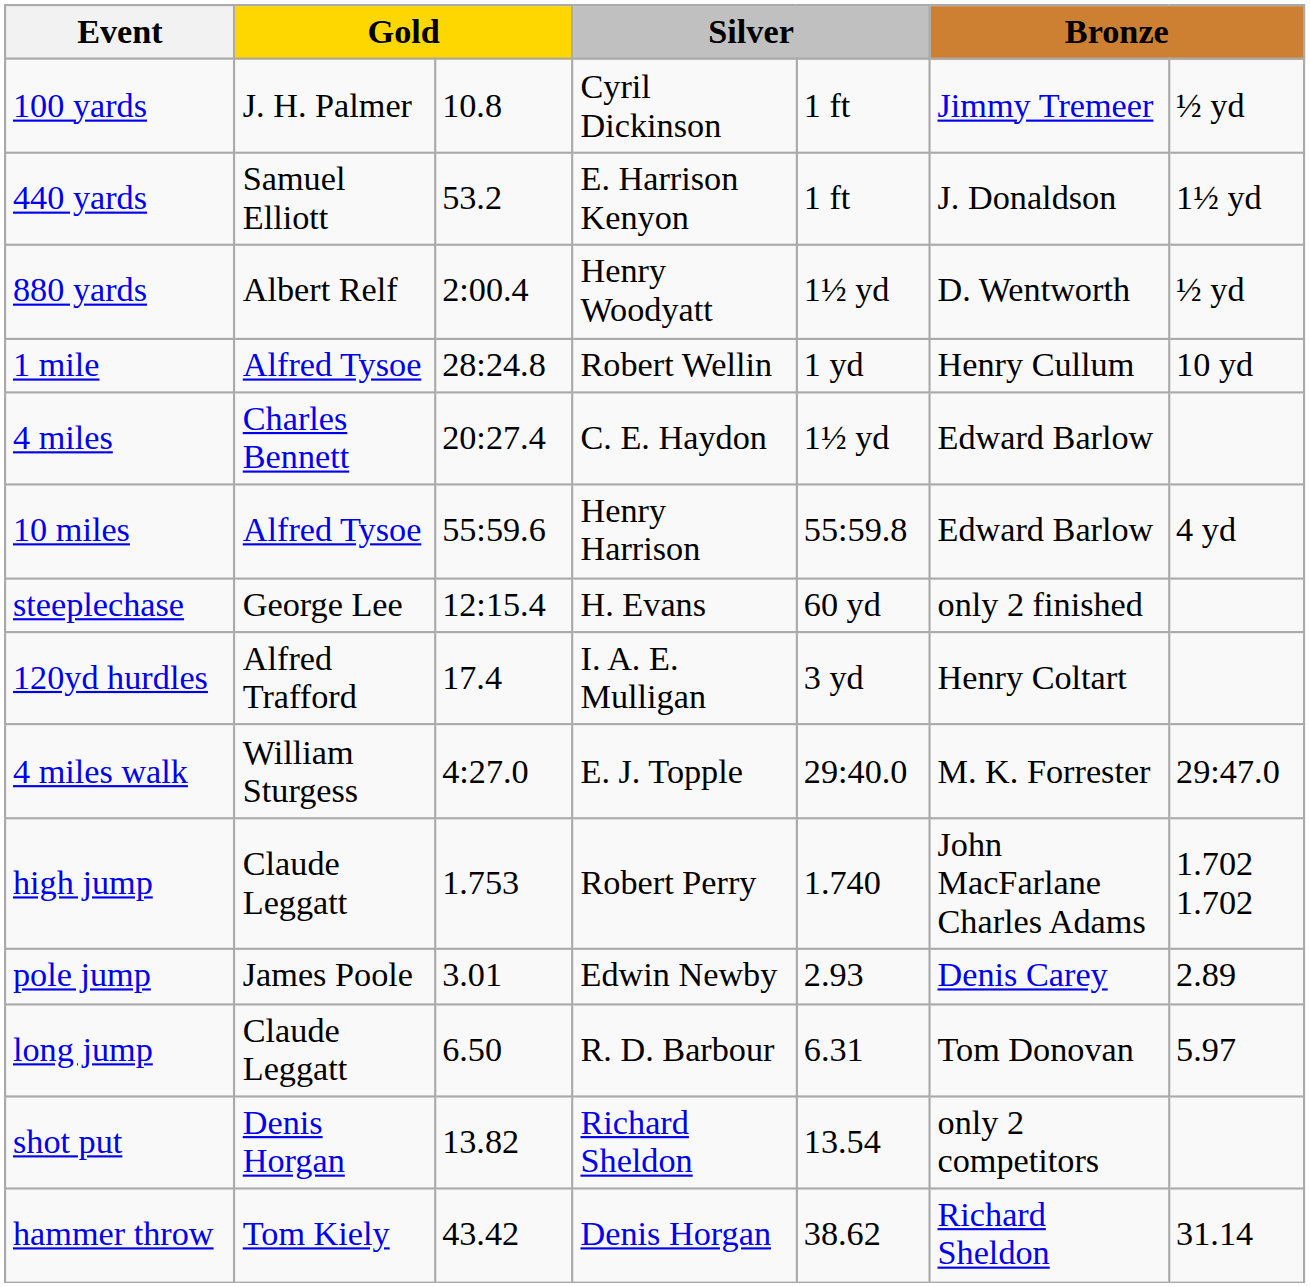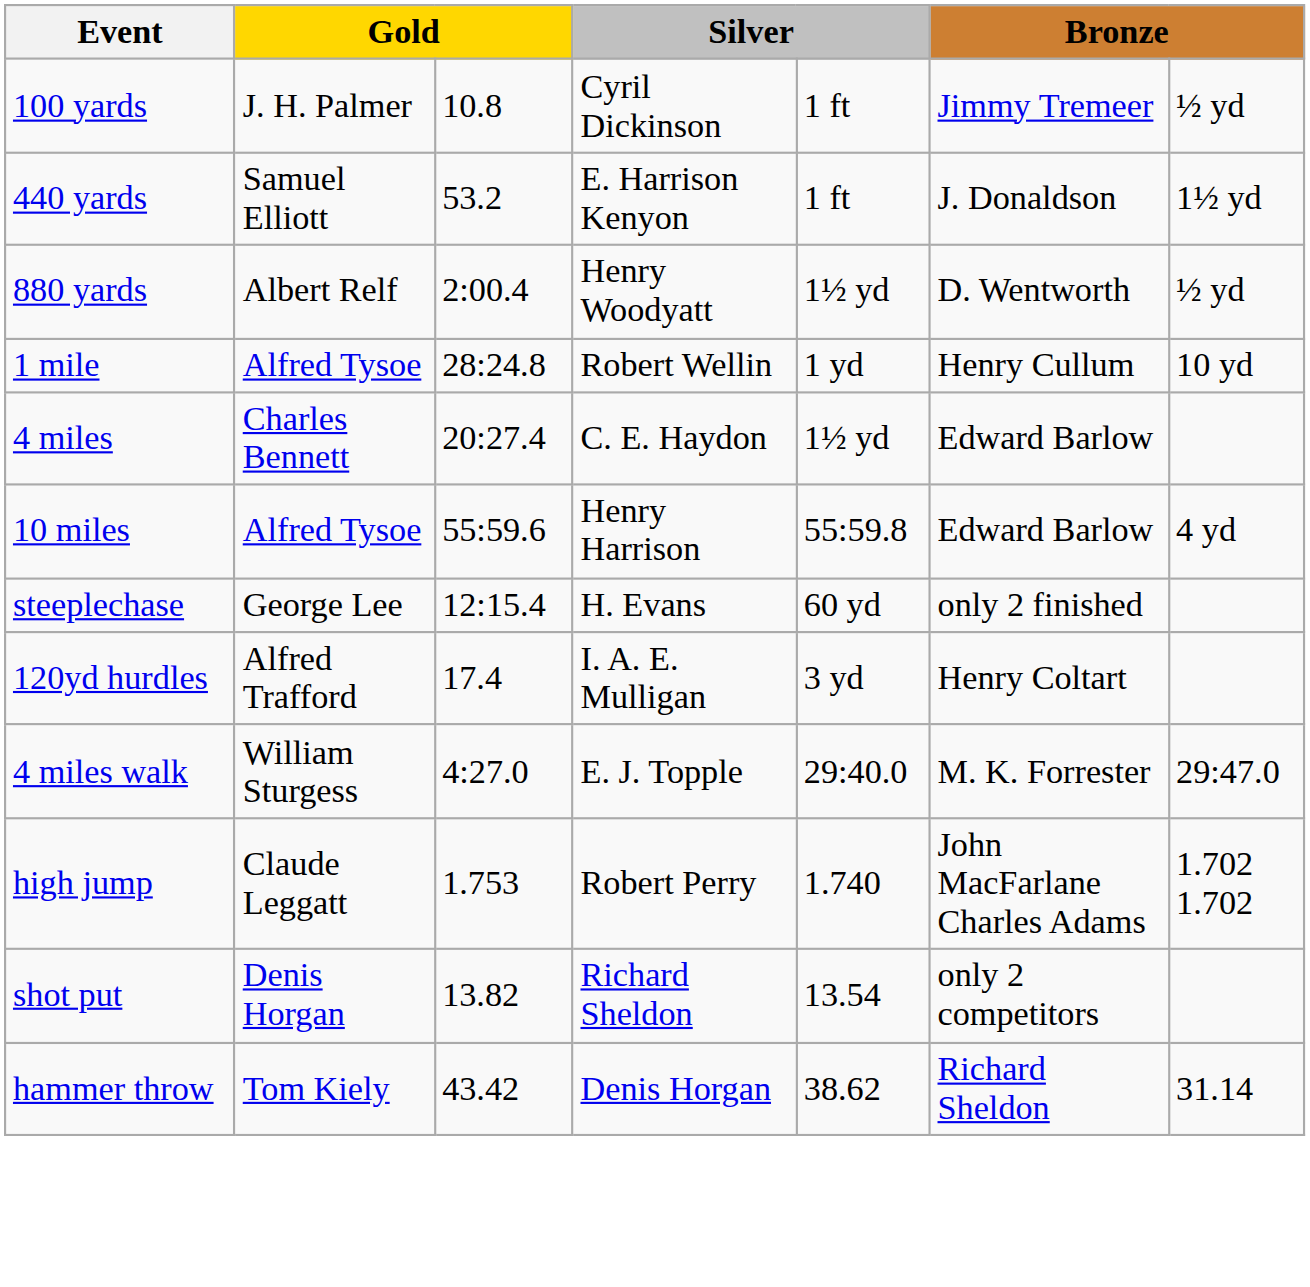 <table class="wikitable" style="text-align:left">
 <tr>
 <th width=100>Event</th>
 <th colspan="2" width="280" style="background:gold;">Gold</th>
 <th colspan="2" width="280" style="background:silver;">Silver</th>
 <th colspan="2" width="280" style="background:#CD7F32;">Bronze</th>
 </tr>
 <tr>
 <td><a href='#'>100 yards</a></td>
 <td>J. H. Palmer</td>
 <td>10.8</td>
 <td> Cyril Dickinson</td>
 <td>1 ft</td>
 <td><a href='#'>Jimmy Tremeer</a></td>
 <td>½ yd</td>
 </tr>
 <tr>
 <td><a href='#'>440 yards</a></td>
 <td>Samuel Elliott</td>
 <td>53.2</td>
 <td>E. Harrison Kenyon</td>
 <td>1 ft</td>
 <td> J. Donaldson</td>
 <td>1½ yd</td>
 </tr>
 <tr>
 <td><a href='#'>880 yards</a></td>
 <td>Albert Relf</td>
 <td>2:00.4</td>
 <td>Henry Woodyatt</td>
 <td>1½ yd</td>
 <td>D. Wentworth</td>
 <td>½ yd</td>
 </tr>
 <tr>
 <td><a href='#'>1 mile</a></td>
 <td><a href='#'>Alfred Tysoe</a></td>
 <td>28:24.8</td>
 <td>Robert Wellin</td>
 <td>1 yd</td>
 <td>Henry Cullum</td>
 <td>10 yd</td>
 </tr>
 <tr>
 <td><a href='#'>4 miles</a></td>
 <td><a href='#'>Charles Bennett</a></td>
 <td>20:27.4</td>
 <td>C. E. Haydon</td>
 <td>1½ yd</td>
 <td>Edward Barlow</td>
 <td></td>
 </tr>
 <tr>
 <td><a href='#'>10 miles</a></td>
 <td><a href='#'>Alfred Tysoe</a></td>
 <td>55:59.6</td>
 <td>Henry Harrison</td>
 <td>55:59.8</td>
 <td>Edward Barlow</td>
 <td>4 yd</td>
 </tr>
 <tr>
 <td><a href='#'>steeplechase</a></td>
 <td>George Lee</td>
 <td>12:15.4</td>
 <td>H. Evans</td>
 <td>60 yd</td>
 <td>only 2 finished</td>
 <td></td>
 </tr>
 <tr>
 <td><a href='#'>120yd hurdles</a></td>
 <td>Alfred Trafford</td>
 <td>17.4</td>
 <td> I. A. E. Mulligan</td>
 <td>3 yd</td>
 <td>Henry Coltart</td>
 <td></td>
 </tr>
 <tr>
 <td><a href='#'>4 miles walk</a></td>
 <td>William Sturgess</td>
 <td>4:27.0</td>
 <td>E. J. Topple</td>
 <td>29:40.0</td>
 <td>M. K. Forrester</td>
 <td>29:47.0</td>
 </tr>
 <tr>
 <td><a href='#'>high jump</a></td>
 <td>Claude Leggatt</td>
 <td>1.753</td>
 <td>Robert Perry</td>
 <td>1.740</td>
 <td>  John MacFarlane<br>Charles Adams</td>
 <td>1.702<br>1.702</td>
 </tr>
 <tr>
-<td><a href='#'>pole jump</a></td>
-<td>James Poole</td>
-<td>3.01</td>
-<td>Edwin Newby</td>
-<td>2.93</td>
-<td>  <a href='#'>Denis Carey</a></td>
-<td>2.89</td>
-</tr>
-<tr>
-<td><a href='#'>long jump</a></td>
-<td>Claude Leggatt</td>
-<td>6.50</td>
-<td> R. D. Barbour</td>
-<td>6.31</td>
-<td> Tom Donovan</td>
-<td>5.97</td>
-</tr>
-<tr>
 <td><a href='#'>shot put</a></td>
 <td> <a href='#'>Denis Horgan</a></td>
 <td>13.82</td>
 <td> <a href='#'>Richard Sheldon</a></td>
 <td>13.54</td>
 <td>only 2 competitors</td>
 <td></td>
 </tr>
 <tr>
 <td><a href='#'>hammer throw</a></td>
 <td> <a href='#'>Tom Kiely</a></td>
 <td>43.42</td>
 <td> <a href='#'>Denis Horgan</a></td>
 <td>38.62</td>
 <td> <a href='#'>Richard Sheldon</a></td>
 <td>31.14</td>
 </tr>
 </table>
